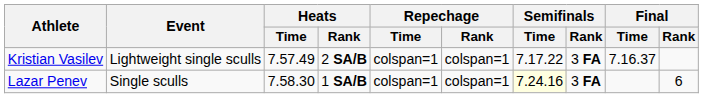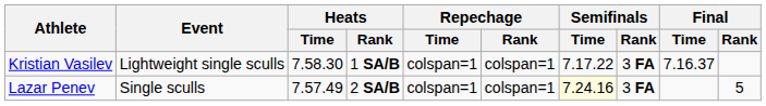 <table class="wikitable" style="font-size:90%">
 <tr>
 <th rowspan="2">Athlete</th>
 <th rowspan="2">Event</th>
 <th colspan="2">Heats</th>
 <th colspan="2">Repechage</th>
 <th colspan="2">Semifinals</th>
 <th colspan="2">Final</th>
 </tr>
 <tr style="font-size:95%">
 <th>Time</th>
 <th>Rank</th>
 <th>Time</th>
 <th>Rank</th>
 <th>Time</th>
 <th>Rank</th>
 <th>Time</th>
 <th>Rank</th>
 </tr>
 <tr align=center>
 <td align=left><a href='#'>Kristian Vasilev</a></td>
 <td align=left>Lightweight single sculls</td>
-<td>7.57.49</td>
-<td>2 <strong>SA/B</strong></td>
+<td>7.58.30</td>
+<td>1 <strong>SA/B</strong></td>
 <td>colspan=1</td>
 <td>colspan=1</td>
 <td>7.17.22</td>
 <td>3 <strong>FA</strong></td>
 <td>7.16.37</td>
 <td></td>
 </tr>
 <tr align=center>
 <td align=left><a href='#'>Lazar Penev</a></td>
 <td align=left>Single sculls</td>
-<td>7.58.30</td>
-<td>1 <strong>SA/B</strong></td>
+<td>7.57.49</td>
+<td>2 <strong>SA/B</strong></td>
 <td>colspan=1</td>
 <td>colspan=1</td>
 <td style="background: lightyellow;">7.24.16</td>
 <td>3 <strong>FA</strong></td>
 <td></td>
-<td>6</td>
+<td>5</td>
 </tr>
 </table>
